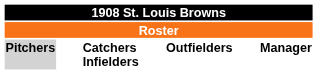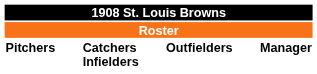 <table class="toccolours" style="font-size: 95%;">
 <tr>
 <th colspan="10" style="background-color: black; color: white; text-align: center;">1908 St. Louis Browns</th>
 </tr>
 <tr>
 <td colspan="10" style="background-color: #F87217; color: white; text-align: center;"><strong>Roster</strong></td>
 </tr>
 <tr>
-<td valign="top" style="background: lightgrey;"><strong>Pitchers</strong><br>      </td>
+<td valign="top"><strong>Pitchers</strong><br>      </td>
 <td width="25px"></td>
 <td valign="top"><strong>Catchers</strong><br>    <strong>Infielders</strong>     </td>
 <td width="25px"></td>
 <td valign="top"><strong>Outfielders</strong><br>      </td>
 <td width="25px"></td>
 <td valign="top"><strong>Manager</strong><br></td>
 </tr>
 </table>
